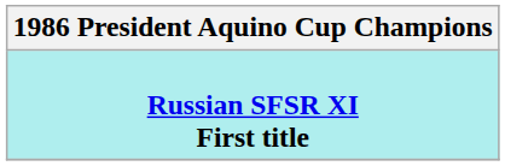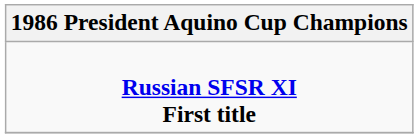 <table class="wikitable" style="text-align: center; margin: 0 auto;">
 <tr>
 <th>1986 President Aquino Cup Champions</th>
 </tr>
 <tr>
-<td style="background: paleturquoise;"> <br> <strong><a href='#'>Russian SFSR XI</a></strong> <br> <strong>First title</strong></td>
+<td> <br> <strong><a href='#'>Russian SFSR XI</a></strong> <br> <strong>First title</strong></td>
 </tr>
 <tr>
 </tr>
 </table>
